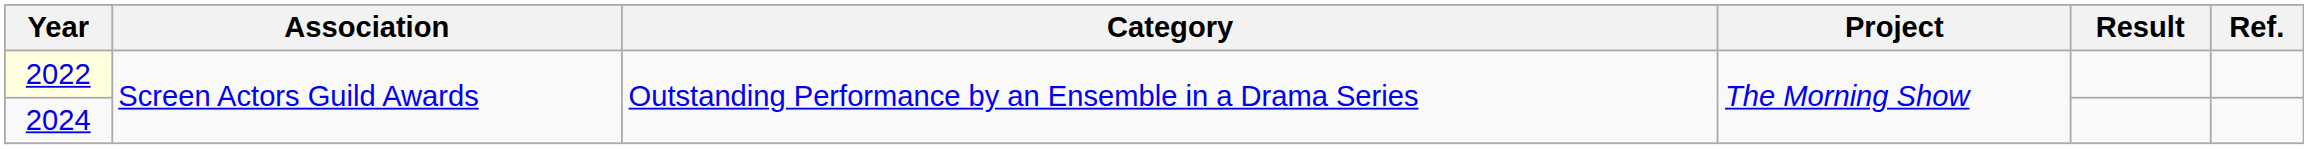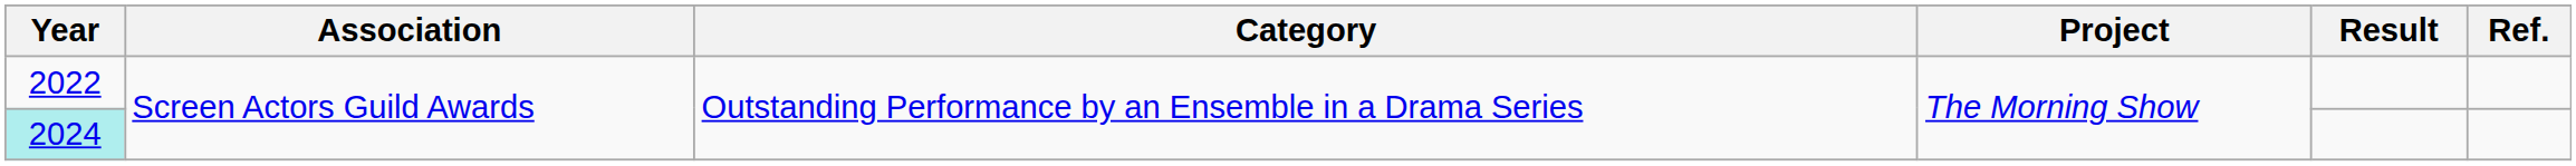 <table class="wikitable" width="100%">
 <tr>
 <th>Year</th>
 <th>Association</th>
 <th>Category</th>
 <th>Project</th>
 <th>Result</th>
 <th>Ref.</th>
 </tr>
 <tr>
-<td align="center" style="background: lightyellow;"><a href='#'>2022</a></td>
+<td align="center"><a href='#'>2022</a></td>
 <td rowspan="2"><a href='#'>Screen Actors Guild Awards</a></td>
 <td rowspan="2"><a href='#'>Outstanding Performance by an Ensemble in a Drama Series</a></td>
 <td rowspan="2"><em><a href='#'>The Morning Show</a></em></td>
 <td></td>
 <td align="center"></td>
 </tr>
 <tr>
-<td align="center"><a href='#'>2024</a></td>
+<td align="center" style="background: paleturquoise;"><a href='#'>2024</a></td>
 <td></td>
 <td align="center"></td>
 </tr>
 </table>
